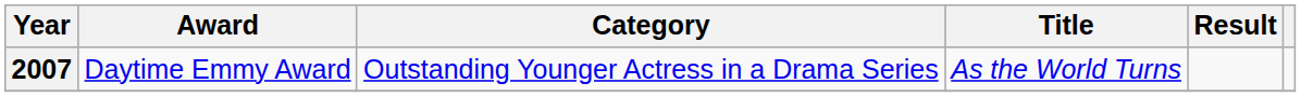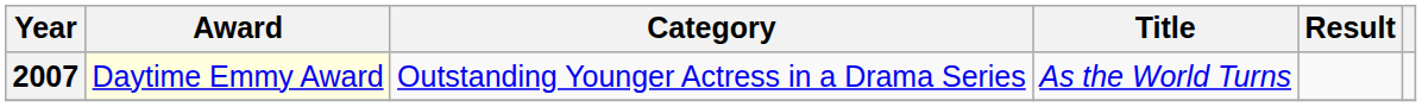 <table class="wikitable sortable plainrowheaders">
 <tr>
 <th scope="col">Year</th>
 <th scope="col">Award</th>
 <th scope="col">Category</th>
 <th scope="col">Title</th>
 <th scope="col">Result</th>
 <th scope="col" class="unsortable"></th>
 </tr>
 <tr>
 <th scope="row" style="text-align:center;">2007</th>
-<td><a href='#'>Daytime Emmy Award</a></td>
+<td style="background: lightyellow;"><a href='#'>Daytime Emmy Award</a></td>
 <td><a href='#'>Outstanding Younger Actress in a Drama Series</a></td>
 <td><em><a href='#'>As the World Turns</a></em></td>
 <td></td>
 <td style="text-align:center;"></td>
 </tr>
 <tr>
 </tr>
 </table>
